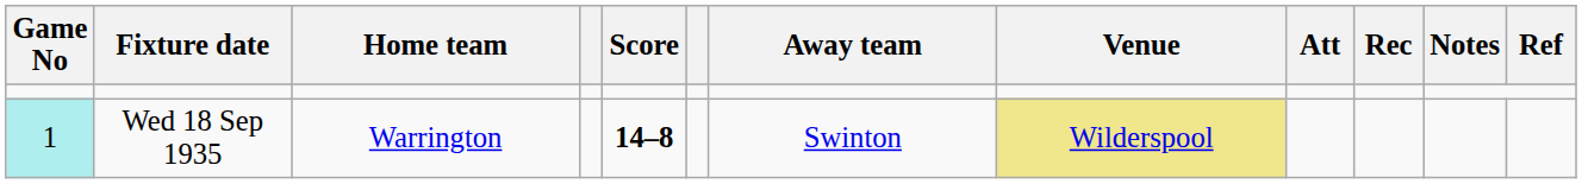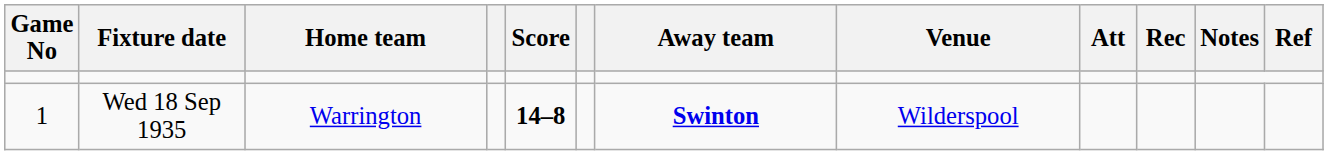 <table class="wikitable" style="text-align:center;">
 <tr>
 <th width=20 abbr="No">Game No</th>
 <th width=100 abbr="Date">Fixture date</th>
 <th width=150 abbr="Home team">Home team</th>
 <th width=5 abbr="space"></th>
 <th width=20 abbr="Score">Score</th>
 <th width=5 abbr="space"></th>
 <th width=150 abbr="Away team">Away team</th>
 <th width=150 abbr="Venue">Venue</th>
 <th width=30 abbr="Att">Att</th>
 <th width=30 abbr="Rec">Rec</th>
 <th width=20 abbr="Notes">Notes</th>
 <th width=30 abbr="Ref">Ref</th>
 </tr>
 <tr>
 <td></td>
 <td></td>
 <td></td>
 <td></td>
 <td></td>
 <td></td>
 <td></td>
 <td></td>
 <td></td>
 <td></td>
 </tr>
 <tr>
-<td style="background: paleturquoise;">1</td>
+<td>1</td>
 <td>Wed 18 Sep 1935</td>
 <td><a href='#'>Warrington</a></td>
 <td></td>
 <td><strong>14–8</strong></td>
 <td></td>
-<td><a href='#'>Swinton</a></td>
-<td style="background: khaki;"><a href='#'>Wilderspool</a></td>
+<td><strong><a href='#'>Swinton</a></strong></td>
+<td><a href='#'>Wilderspool</a></td>
 <td></td>
 <td></td>
 <td></td>
 <td></td>
 </tr>
 </table>
